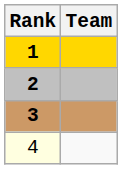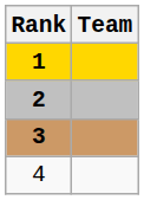 <table class="wikitable" style="text-align:center">
 <tr>
 <th>Rank</th>
 <th>Team</th>
 </tr>
 <tr bgcolor="gold">
 <td><strong>1</strong></td>
 <td align="left"><strong></strong></td>
 </tr>
 <tr bgcolor="silver">
 <td><strong>2</strong></td>
 <td align="left"><strong></strong></td>
 </tr>
 <tr bgcolor="#CC9966">
 <td><strong>3</strong></td>
 <td align="left"><strong></strong></td>
 </tr>
 <tr>
-<td style="background: lightyellow;">4</td>
+<td>4</td>
 <td align="left"></td>
 </tr>
 </table>
